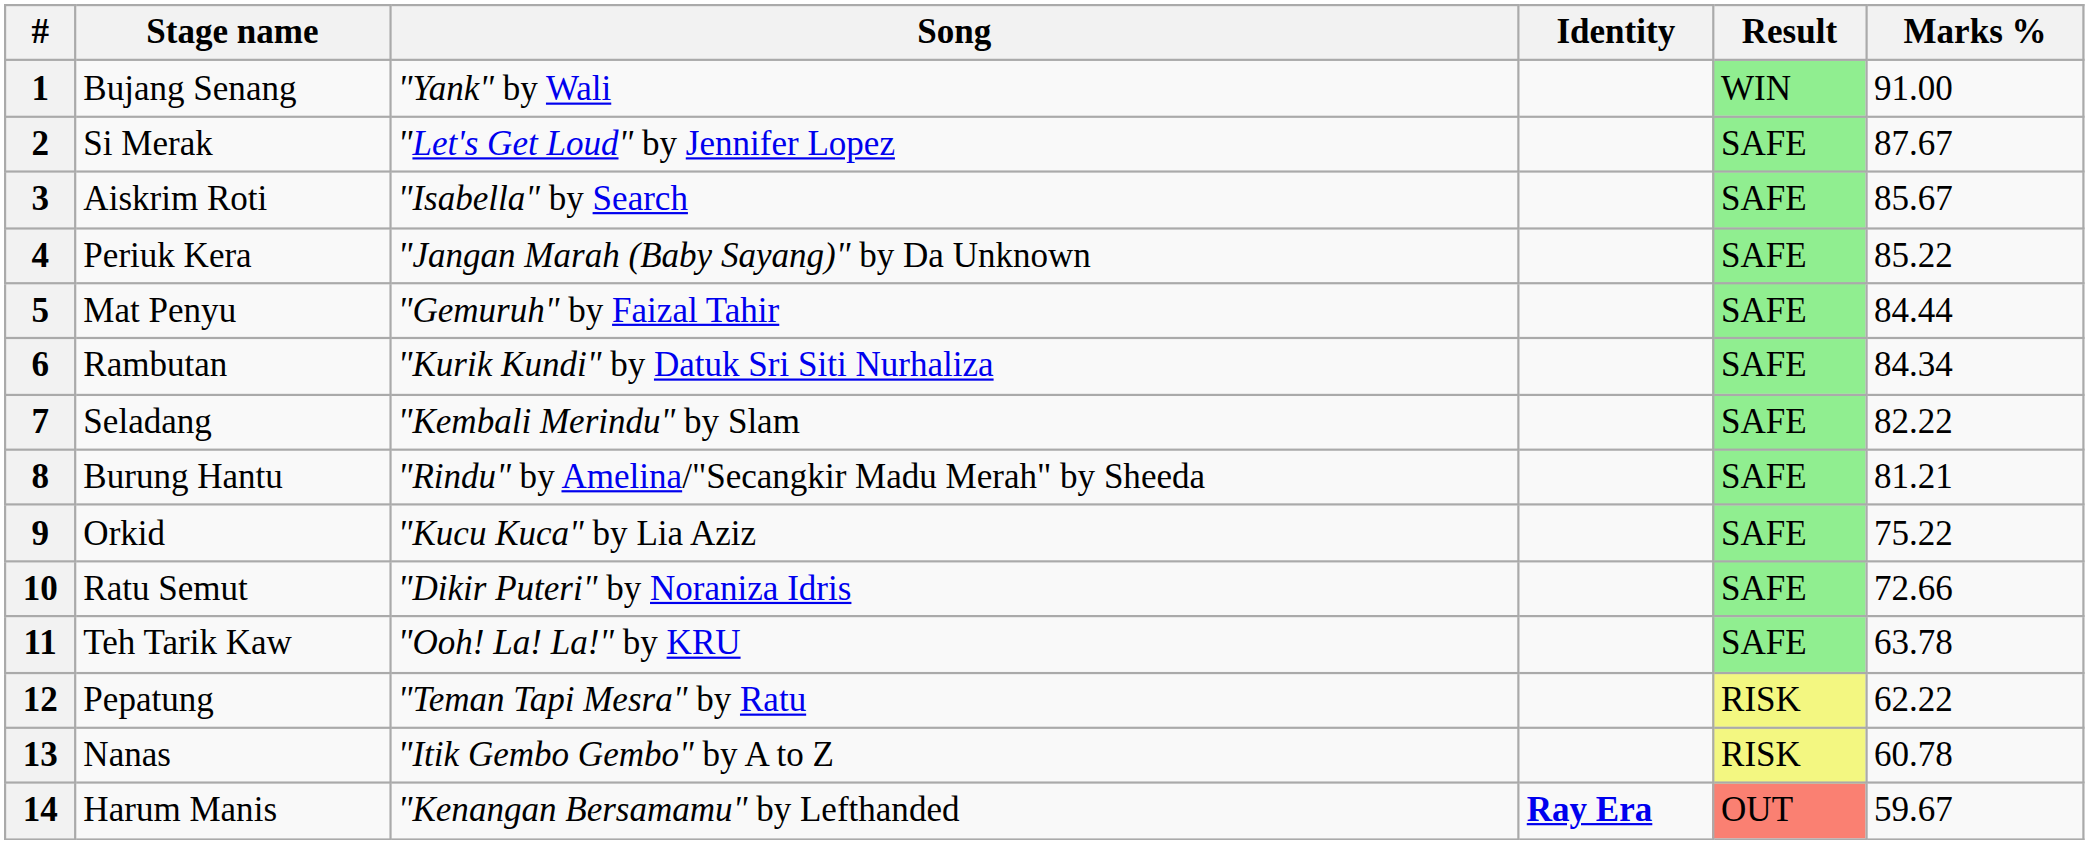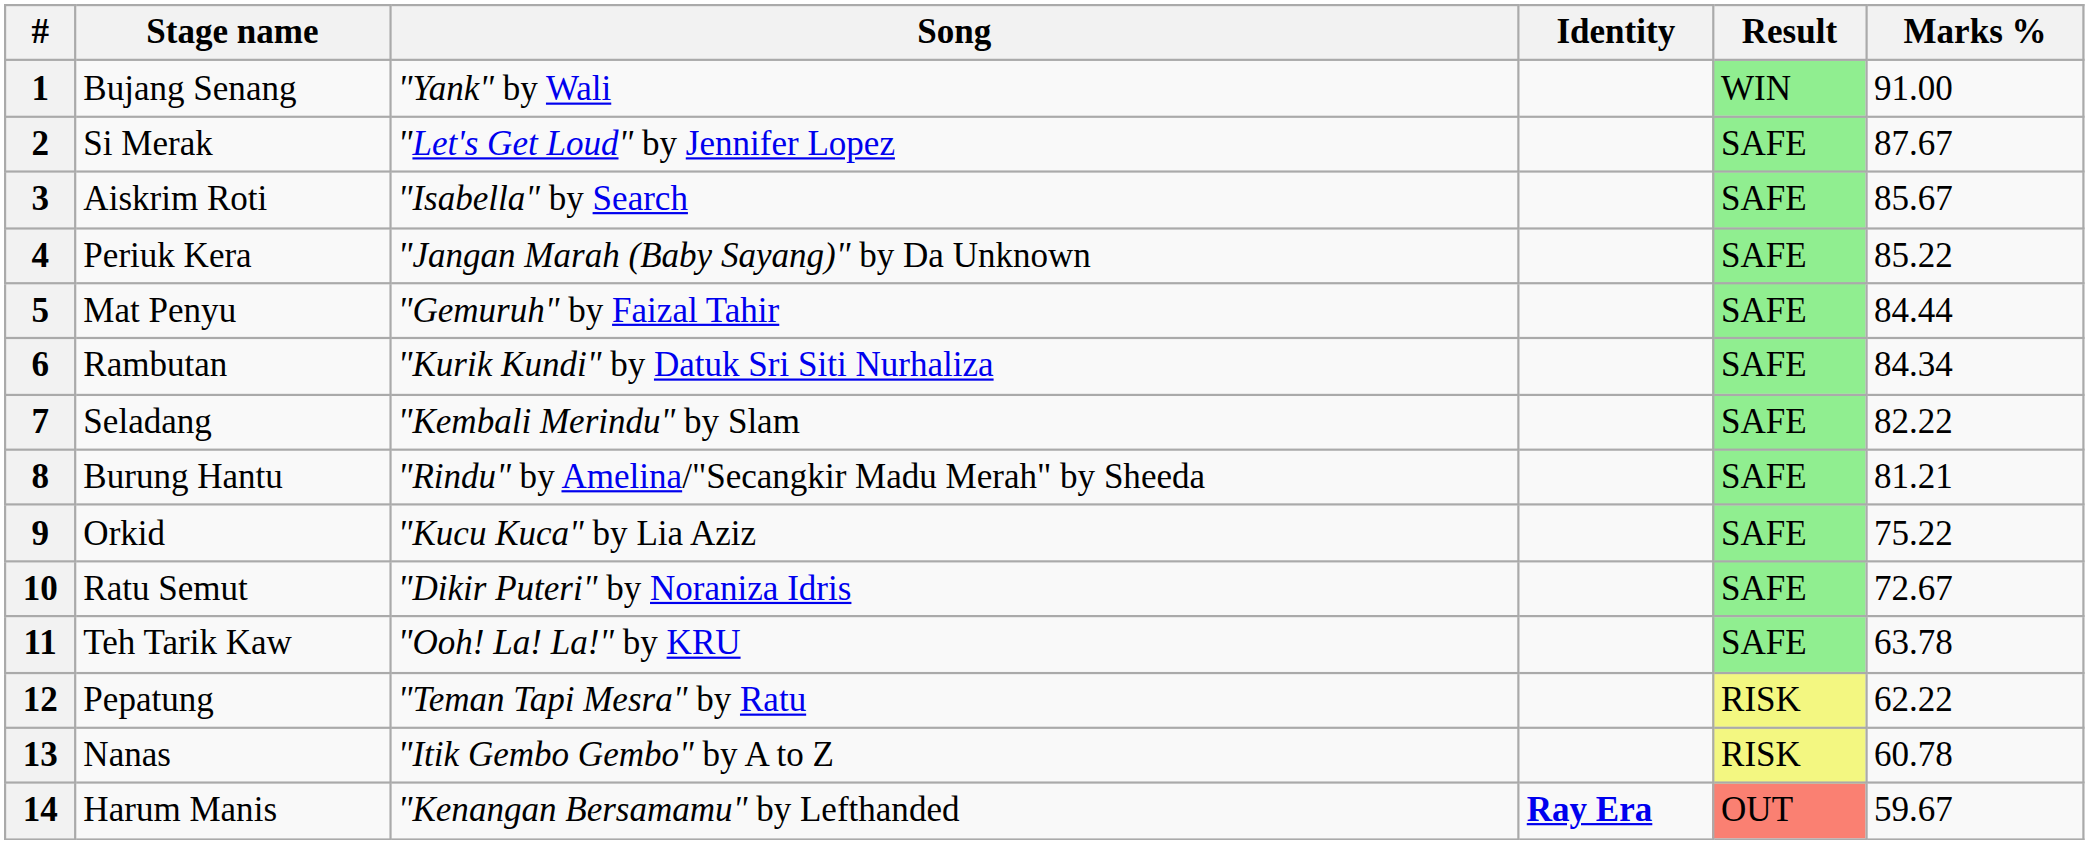 <table class="wikitable plainrowheaders" style="width: 60%; style=text-align: center;">
 <tr>
 <th>#</th>
 <th>Stage name</th>
 <th>Song</th>
 <th>Identity</th>
 <th>Result</th>
 <th>Marks %</th>
 </tr>
 <tr>
 <th>1</th>
 <td>Bujang Senang</td>
 <td><em>"Yank"</em> by <a href='#'>Wali</a></td>
 <td></td>
 <td bgcolor=lightgreen>WIN</td>
 <td>91.00</td>
 </tr>
 <tr>
 <th>2</th>
 <td>Si Merak</td>
 <td><em>"<a href='#'>Let's Get Loud</a>"</em> by <a href='#'>Jennifer Lopez</a></td>
 <td></td>
 <td bgcolor="lightgreen">SAFE</td>
 <td>87.67</td>
 </tr>
 <tr>
 <th>3</th>
 <td>Aiskrim Roti</td>
 <td><em>"Isabella"</em> by <a href='#'>Search</a></td>
 <td></td>
 <td bgcolor="lightgreen">SAFE</td>
 <td>85.67</td>
 </tr>
 <tr>
 <th>4</th>
 <td>Periuk Kera</td>
 <td><em>"Jangan Marah (Baby Sayang)"</em> by Da Unknown</td>
 <td></td>
 <td bgcolor="lightgreen">SAFE</td>
 <td>85.22</td>
 </tr>
 <tr>
 <th>5</th>
 <td>Mat Penyu</td>
 <td><em>"Gemuruh"</em> by <a href='#'>Faizal Tahir</a></td>
 <td></td>
 <td bgcolor="lightgreen">SAFE</td>
 <td>84.44</td>
 </tr>
 <tr>
 <th>6</th>
 <td>Rambutan</td>
 <td><em>"Kurik Kundi"</em> by <a href='#'>Datuk Sri Siti Nurhaliza</a></td>
 <td></td>
 <td bgcolor="lightgreen">SAFE</td>
 <td>84.34</td>
 </tr>
 <tr>
 <th>7</th>
 <td>Seladang</td>
 <td><em>"Kembali Merindu"</em> by Slam</td>
 <td></td>
 <td bgcolor="lightgreen">SAFE</td>
 <td>82.22</td>
 </tr>
 <tr>
 <th>8</th>
 <td>Burung Hantu</td>
 <td><em>"Rindu"</em> by <a href='#'>Amelina</a>/"Secangkir Madu Merah" by Sheeda</td>
 <td></td>
 <td bgcolor="lightgreen">SAFE</td>
 <td>81.21</td>
 </tr>
 <tr>
 <th>9</th>
 <td>Orkid</td>
 <td><em>"Kucu Kuca"</em> by Lia Aziz</td>
 <td></td>
 <td bgcolor="lightgreen">SAFE</td>
 <td>75.22</td>
 </tr>
 <tr>
 <th>10</th>
 <td>Ratu Semut</td>
 <td><em>"Dikir Puteri"</em> by <a href='#'>Noraniza Idris</a></td>
 <td></td>
 <td bgcolor="lightgreen">SAFE</td>
-<td>72.66</td>
+<td>72.67</td>
 </tr>
 <tr>
 <th>11</th>
 <td>Teh Tarik Kaw</td>
 <td><em>"Ooh! La! La!"</em> by <a href='#'>KRU</a></td>
 <td></td>
 <td bgcolor="lightgreen">SAFE</td>
 <td>63.78</td>
 </tr>
 <tr>
 <th>12</th>
 <td>Pepatung</td>
 <td><em>"Teman Tapi Mesra"</em> by <a href='#'>Ratu</a></td>
 <td></td>
 <td bgcolor=#F3F781>RISK</td>
 <td>62.22</td>
 </tr>
 <tr>
 <th>13</th>
 <td>Nanas</td>
 <td><em>"Itik Gembo Gembo"</em> by A to Z</td>
 <td></td>
 <td bgcolor=#F3F781>RISK</td>
 <td>60.78</td>
 </tr>
 <tr>
 <th>14</th>
 <td>Harum Manis</td>
 <td><em>"Kenangan Bersamamu"</em> by Lefthanded</td>
 <td><strong><a href='#'>Ray Era</a></strong></td>
 <td bgcolor=salmon>OUT</td>
 <td>59.67</td>
 </tr>
 </table>
